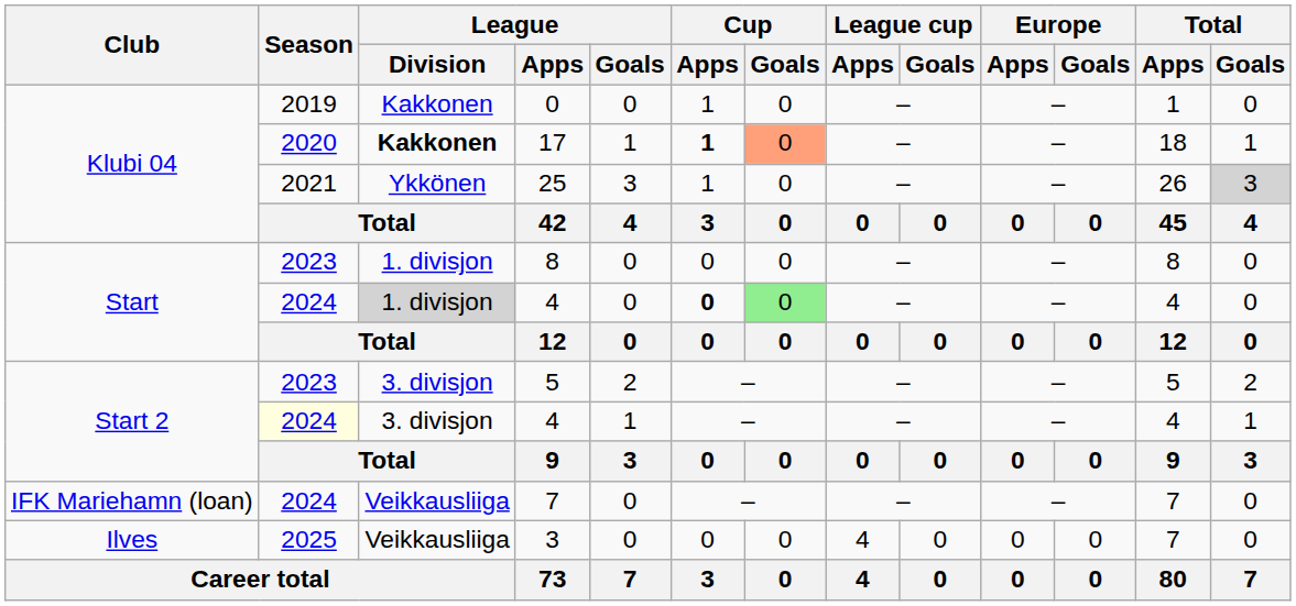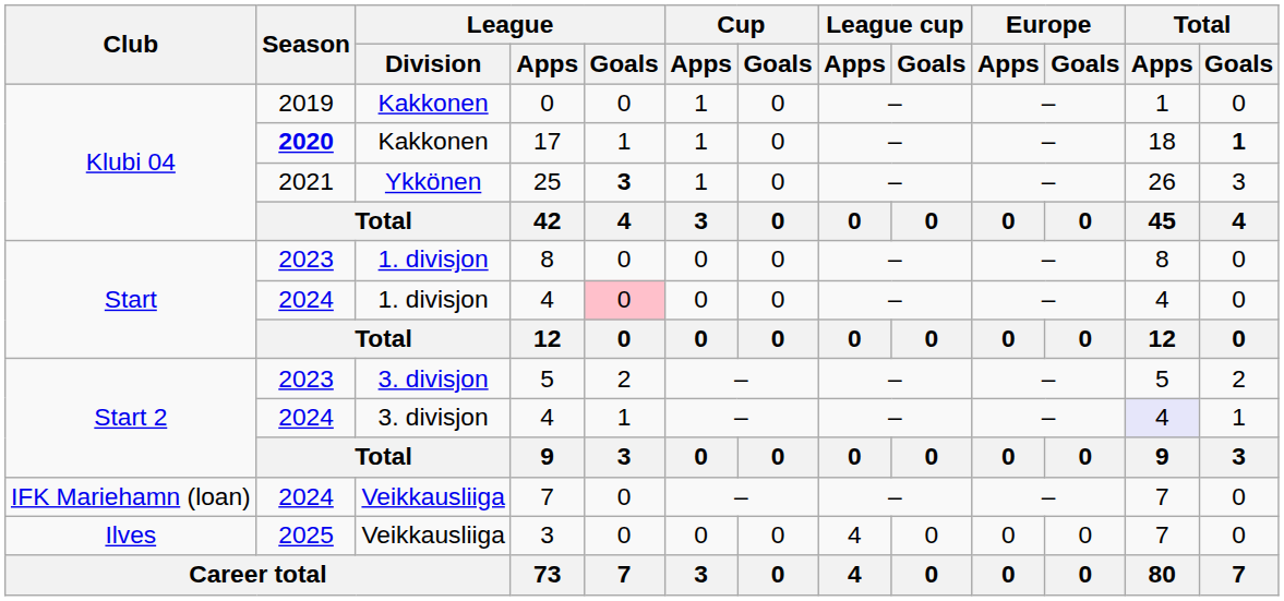 <table class="wikitable" style="text-align:center">
 <tr>
 <th rowspan="2">Club</th>
 <th rowspan="2">Season</th>
 <th colspan="3">League</th>
 <th colspan="2">Cup</th>
 <th colspan="2">League cup</th>
 <th colspan="2">Europe</th>
 <th colspan="2">Total</th>
 </tr>
 <tr>
 <th>Division</th>
 <th>Apps</th>
 <th>Goals</th>
 <th>Apps</th>
 <th>Goals</th>
 <th>Apps</th>
 <th>Goals</th>
 <th>Apps</th>
 <th>Goals</th>
 <th>Apps</th>
 <th>Goals</th>
 </tr>
 <tr>
 <td rowspan=4><a href='#'>Klubi 04</a></td>
 <td>2019</td>
 <td><a href='#'>Kakkonen</a></td>
 <td>0</td>
 <td>0</td>
 <td>1</td>
 <td>0</td>
 <td colspan=2>–</td>
 <td colspan=2>–</td>
 <td>1</td>
 <td>0</td>
 </tr>
 <tr>
-<td><a href='#'>2020</a></td>
-<td><strong>Kakkonen</strong></td>
+<td><strong><a href='#'>2020</a></strong></td>
+<td>Kakkonen</td>
 <td>17</td>
 <td>1</td>
-<td><strong>1</strong></td>
-<td style="background: lightsalmon;">0</td>
+<td>1</td>
+<td>0</td>
 <td colspan=2>–</td>
 <td colspan=2>–</td>
 <td>18</td>
-<td>1</td>
+<td><strong>1</strong></td>
 </tr>
 <tr>
 <td>2021</td>
 <td><a href='#'>Ykkönen</a></td>
 <td>25</td>
-<td>3</td>
+<td><strong>3</strong></td>
 <td>1</td>
 <td>0</td>
 <td colspan=2>–</td>
 <td colspan=2>–</td>
 <td>26</td>
-<td style="background: lightgrey;">3</td>
+<td>3</td>
 </tr>
 <tr>
 <th colspan=2>Total</th>
 <th>42</th>
 <th>4</th>
 <th>3</th>
 <th>0</th>
 <th>0</th>
 <th>0</th>
 <th>0</th>
 <th>0</th>
 <th>45</th>
 <th>4</th>
 </tr>
 <tr>
 <td rowspan=3><a href='#'>Start</a></td>
 <td><a href='#'>2023</a></td>
 <td><a href='#'>1. divisjon</a></td>
 <td>8</td>
 <td>0</td>
 <td>0</td>
 <td>0</td>
 <td colspan=2>–</td>
 <td colspan=2>–</td>
 <td>8</td>
 <td>0</td>
 </tr>
 <tr>
 <td><a href='#'>2024</a></td>
-<td style="background: lightgrey;">1. divisjon</td>
+<td>1. divisjon</td>
 <td>4</td>
+<td style="background: pink;">0</td>
 <td>0</td>
-<td><strong>0</strong></td>
-<td style="background: lightgreen;">0</td>
+<td>0</td>
 <td colspan=2>–</td>
 <td colspan=2>–</td>
 <td>4</td>
 <td>0</td>
 </tr>
 <tr>
 <th colspan=2>Total</th>
 <th>12</th>
 <th>0</th>
 <th>0</th>
 <th>0</th>
 <th>0</th>
 <th>0</th>
 <th>0</th>
 <th>0</th>
 <th>12</th>
 <th>0</th>
 </tr>
 <tr>
 <td rowspan=3><a href='#'>Start 2</a></td>
 <td><a href='#'>2023</a></td>
 <td><a href='#'>3. divisjon</a></td>
 <td>5</td>
 <td>2</td>
 <td colspan=2>–</td>
 <td colspan=2>–</td>
 <td colspan=2>–</td>
 <td>5</td>
 <td>2</td>
 </tr>
 <tr>
-<td style="background: lightyellow;"><a href='#'>2024</a></td>
+<td><a href='#'>2024</a></td>
 <td>3. divisjon</td>
 <td>4</td>
 <td>1</td>
 <td colspan=2>–</td>
 <td colspan=2>–</td>
 <td colspan=2>–</td>
-<td>4</td>
+<td style="background: lavender;">4</td>
 <td>1</td>
 </tr>
 <tr>
 <th colspan=2>Total</th>
 <th>9</th>
 <th>3</th>
 <th>0</th>
 <th>0</th>
 <th>0</th>
 <th>0</th>
 <th>0</th>
 <th>0</th>
 <th>9</th>
 <th>3</th>
 </tr>
 <tr>
 <td><a href='#'>IFK Mariehamn</a> (loan)</td>
 <td><a href='#'>2024</a></td>
 <td><a href='#'>Veikkausliiga</a></td>
 <td>7</td>
 <td>0</td>
 <td colspan=2>–</td>
 <td colspan=2>–</td>
 <td colspan=2>–</td>
 <td>7</td>
 <td>0</td>
 </tr>
 <tr>
 <td><a href='#'>Ilves</a></td>
 <td><a href='#'>2025</a></td>
 <td>Veikkausliiga</td>
 <td>3</td>
 <td>0</td>
 <td>0</td>
 <td>0</td>
 <td>4</td>
 <td>0</td>
 <td>0</td>
 <td>0</td>
 <td>7</td>
 <td>0</td>
 </tr>
 <tr>
 <th colspan="3">Career total</th>
 <th>73</th>
 <th>7</th>
 <th>3</th>
 <th>0</th>
 <th>4</th>
 <th>0</th>
 <th>0</th>
 <th>0</th>
 <th>80</th>
 <th>7</th>
 </tr>
 </table>
